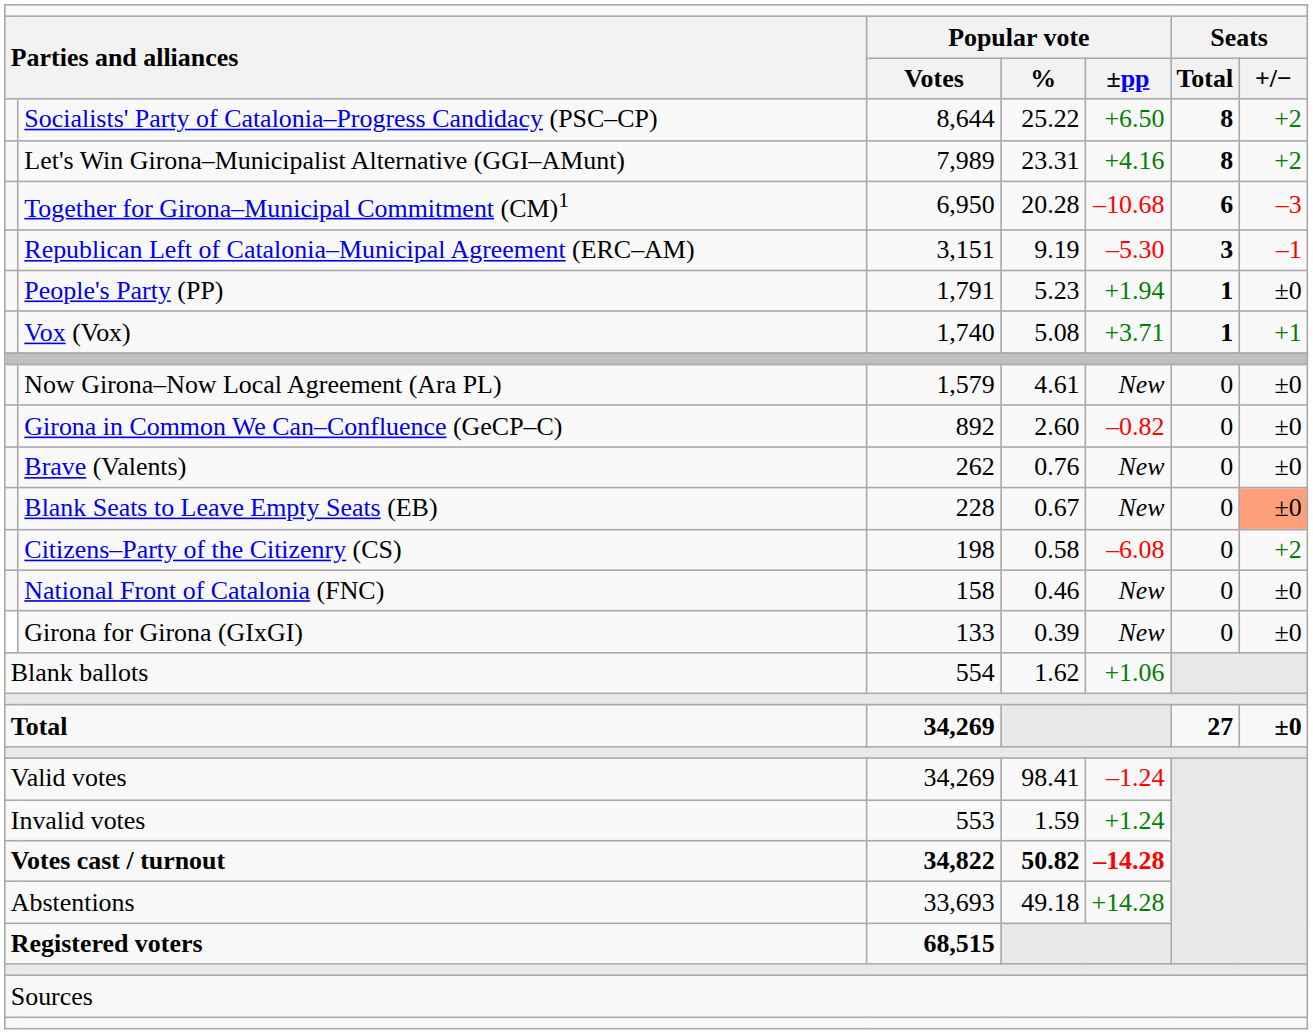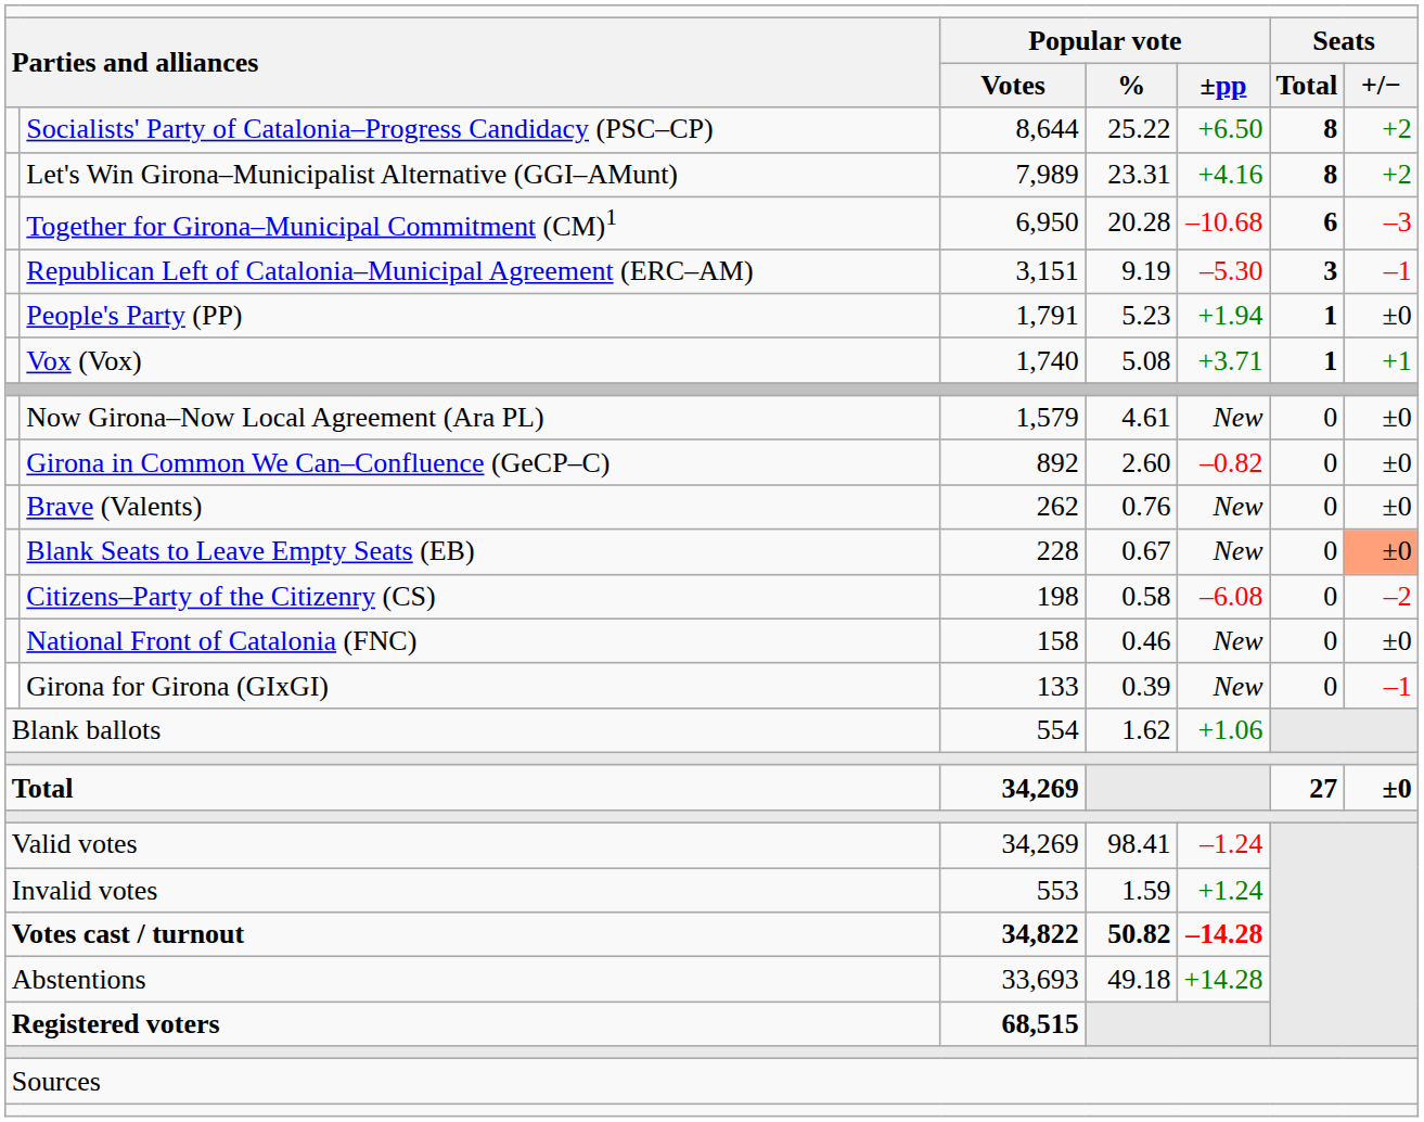 <table class="wikitable" style="text-align:right;">
 <tr>
 <td colspan="7"></td>
 </tr>
 <tr>
 <th style="text-align:left;" rowspan="2" colspan="2" width="525">Parties and alliances</th>
 <th colspan="3">Popular vote</th>
 <th colspan="2">Seats</th>
 </tr>
 <tr>
 <th width="75">Votes</th>
 <th width="45">%</th>
 <th width="45">±<a href='#'>pp</a></th>
 <th width="35">Total</th>
 <th width="35">+/−</th>
 </tr>
 <tr>
 <td width="1" style="color:inherit;background:"></td>
 <td align="left"><a href='#'>Socialists' Party of Catalonia–Progress Candidacy</a> (PSC–CP)</td>
 <td>8,644</td>
 <td>25.22</td>
 <td style="color:green;">+6.50</td>
 <td><strong>8</strong></td>
 <td style="color:green;">+2</td>
 </tr>
 <tr>
 <td style="color:inherit;background:"></td>
 <td align="left">Let's Win Girona–Municipalist Alternative (GGI–AMunt)</td>
 <td>7,989</td>
 <td>23.31</td>
 <td style="color:green;">+4.16</td>
 <td><strong>8</strong></td>
 <td style="color:green;">+2</td>
 </tr>
 <tr>
 <td style="color:inherit;background:"></td>
 <td align="left"><a href='#'>Together for Girona–Municipal Commitment</a> (CM)<sup>1</sup></td>
 <td>6,950</td>
 <td>20.28</td>
 <td style="color:red;">–10.68</td>
 <td><strong>6</strong></td>
 <td style="color:red;">–3</td>
 </tr>
 <tr>
 <td style="color:inherit;background:"></td>
 <td align="left"><a href='#'>Republican Left of Catalonia–Municipal Agreement</a> (ERC–AM)</td>
 <td>3,151</td>
 <td>9.19</td>
 <td style="color:red;">–5.30</td>
 <td><strong>3</strong></td>
 <td style="color:red;">–1</td>
 </tr>
 <tr>
 <td style="color:inherit;background:"></td>
 <td align="left"><a href='#'>People's Party</a> (PP)</td>
 <td>1,791</td>
 <td>5.23</td>
 <td style="color:green;">+1.94</td>
 <td><strong>1</strong></td>
 <td>±0</td>
 </tr>
 <tr>
 <td style="color:inherit;background:"></td>
 <td align="left"><a href='#'>Vox</a> (Vox)</td>
 <td>1,740</td>
 <td>5.08</td>
 <td style="color:green;">+3.71</td>
 <td><strong>1</strong></td>
 <td style="color:green;">+1</td>
 </tr>
 <tr>
 <td colspan="7" bgcolor="#C0C0C0"></td>
 </tr>
 <tr>
 <td style="color:inherit;background:"></td>
 <td align="left">Now Girona–Now Local Agreement (Ara PL)</td>
 <td>1,579</td>
 <td>4.61</td>
 <td><em>New</em></td>
 <td>0</td>
 <td>±0</td>
 </tr>
 <tr>
 <td style="color:inherit;background:"></td>
 <td align="left"><a href='#'>Girona in Common We Can–Confluence</a> (GeCP–C)</td>
 <td>892</td>
 <td>2.60</td>
 <td style="color:red;">–0.82</td>
 <td>0</td>
 <td>±0</td>
 </tr>
 <tr>
 <td style="color:inherit;background:"></td>
 <td align="left"><a href='#'>Brave</a> (Valents)</td>
 <td>262</td>
 <td>0.76</td>
 <td><em>New</em></td>
 <td>0</td>
 <td>±0</td>
 </tr>
 <tr>
 <td style="color:inherit;background:"></td>
 <td align="left"><a href='#'>Blank Seats to Leave Empty Seats</a> (EB)</td>
 <td>228</td>
 <td>0.67</td>
 <td><em>New</em></td>
 <td>0</td>
 <td style="background: lightsalmon;">±0</td>
 </tr>
 <tr>
 <td style="color:inherit;background:"></td>
 <td align="left"><a href='#'>Citizens–Party of the Citizenry</a> (CS)</td>
 <td>198</td>
 <td>0.58</td>
 <td style="color:red;">–6.08</td>
 <td>0</td>
-<td style="color:green;">+2</td>
+<td style="color:red;">–2</td>
 </tr>
 <tr>
 <td style="color:inherit;background:"></td>
 <td align="left"><a href='#'>National Front of Catalonia</a> (FNC)</td>
 <td>158</td>
 <td>0.46</td>
 <td><em>New</em></td>
 <td>0</td>
 <td>±0</td>
 </tr>
 <tr>
 <td bgcolor="white"></td>
 <td align="left">Girona for Girona (GIxGI)</td>
 <td>133</td>
 <td>0.39</td>
 <td><em>New</em></td>
 <td>0</td>
-<td>±0</td>
+<td style="color:red;">–1</td>
 </tr>
 <tr>
 <td align="left" colspan="2">Blank ballots</td>
 <td>554</td>
 <td>1.62</td>
 <td style="color:green;">+1.06</td>
 <td bgcolor="#E9E9E9" colspan="2"></td>
 </tr>
 <tr>
 <td colspan="7" bgcolor="#E9E9E9"></td>
 </tr>
 <tr style="font-weight:bold;">
 <td align="left" colspan="2">Total</td>
 <td>34,269</td>
 <td bgcolor="#E9E9E9" colspan="2"></td>
 <td>27</td>
 <td>±0</td>
 </tr>
 <tr>
 <td colspan="7" bgcolor="#E9E9E9"></td>
 </tr>
 <tr>
 <td align="left" colspan="2">Valid votes</td>
 <td>34,269</td>
 <td>98.41</td>
 <td style="color:red;">–1.24</td>
 <td bgcolor="#E9E9E9" colspan="2" rowspan="5"></td>
 </tr>
 <tr>
 <td align="left" colspan="2">Invalid votes</td>
 <td>553</td>
 <td>1.59</td>
 <td style="color:green;">+1.24</td>
 </tr>
 <tr style="font-weight:bold;">
 <td align="left" colspan="2">Votes cast / turnout</td>
 <td>34,822</td>
 <td>50.82</td>
 <td style="color:red;">–14.28</td>
 </tr>
 <tr>
 <td align="left" colspan="2">Abstentions</td>
 <td>33,693</td>
 <td>49.18</td>
 <td style="color:green;">+14.28</td>
 </tr>
 <tr style="font-weight:bold;">
 <td align="left" colspan="2">Registered voters</td>
 <td>68,515</td>
 <td bgcolor="#E9E9E9" colspan="2"></td>
 </tr>
 <tr>
 <td colspan="7" bgcolor="#E9E9E9"></td>
 </tr>
 <tr>
 <td align="left" colspan="7">Sources</td>
 </tr>
 <tr>
 <td colspan="7" style="text-align:left; max-width:790px;"></td>
 </tr>
 </table>
